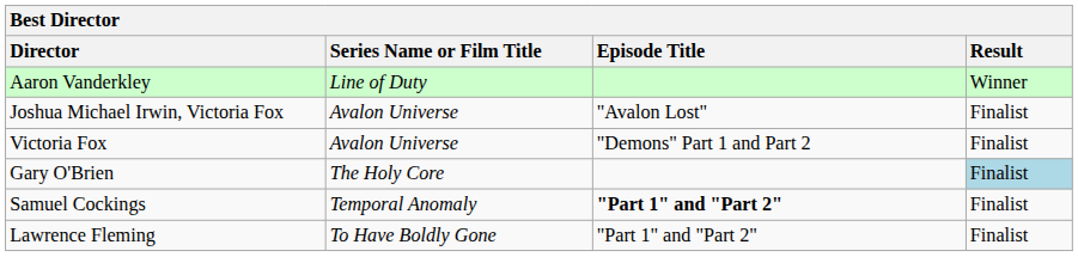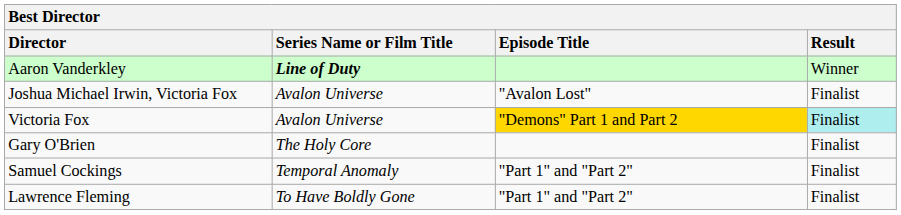 <table class="wikitable" width=100%>
 <tr>
 <th colspan="5" ! style="text-align:left;">Best Director</th>
 </tr>
 <tr>
 <th style="text-align:left; width: 30%;"><strong>Director</strong></th>
 <th style="text-align:left; width: 25%;"><strong>Series Name or Film Title</strong></th>
 <th style="text-align:left; width: 35%;"><strong>Episode Title</strong></th>
 <th style="text-align:left; width: 10%;"><strong>Result</strong></th>
 </tr>
 <tr style="background-color:#ccffcc;">
 <td>Aaron Vanderkley</td>
-<td><em>Line of Duty</em></td>
+<td><strong><em>Line of Duty</em></strong></td>
 <td></td>
 <td>Winner</td>
 </tr>
 <tr>
 <td>Joshua Michael Irwin, Victoria Fox</td>
 <td><em>Avalon Universe</em></td>
 <td>"Avalon Lost"</td>
 <td>Finalist</td>
 </tr>
 <tr>
 <td>Victoria Fox</td>
 <td><em>Avalon Universe</em></td>
-<td>"Demons" Part 1 and Part 2</td>
-<td>Finalist</td>
+<td style="background: gold;">"Demons" Part 1 and Part 2</td>
+<td style="background: paleturquoise;">Finalist</td>
 </tr>
 <tr>
 <td>Gary O'Brien</td>
 <td><em>The Holy Core</em></td>
 <td></td>
-<td style="background: lightblue;">Finalist</td>
+<td>Finalist</td>
 </tr>
 <tr>
 <td>Samuel Cockings</td>
 <td><em>Temporal Anomaly</em></td>
-<td><strong>"Part 1" and "Part 2"</strong></td>
+<td>"Part 1" and "Part 2"</td>
 <td>Finalist</td>
 </tr>
 <tr>
 <td>Lawrence Fleming</td>
 <td><em>To Have Boldly Gone</em></td>
 <td>"Part 1" and "Part 2"</td>
 <td>Finalist</td>
 </tr>
 </table>
